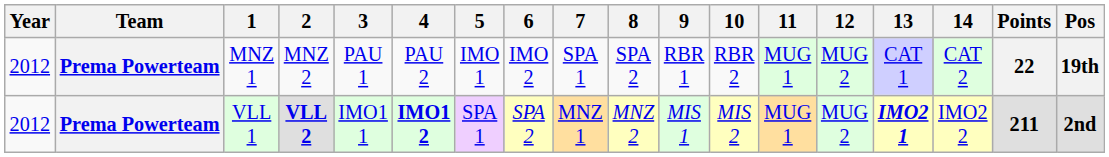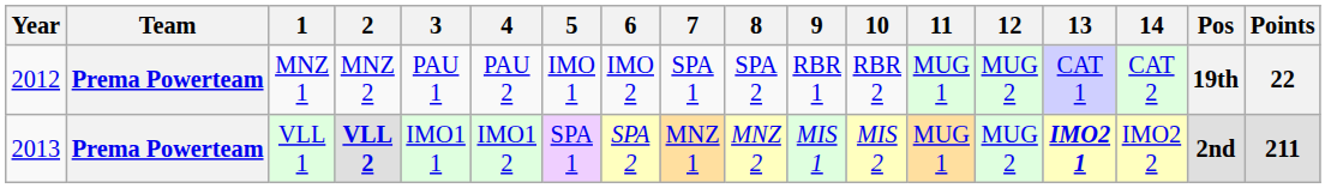 <table class="wikitable" style="text-align:center; font-size:85%">
 <tr>
 <th>Year</th>
 <th>Team</th>
 <th>1</th>
 <th>2</th>
 <th>3</th>
 <th>4</th>
 <th>5</th>
 <th>6</th>
 <th>7</th>
 <th>8</th>
 <th>9</th>
 <th>10</th>
 <th>11</th>
 <th>12</th>
 <th>13</th>
 <th>14</th>
+<th>Pos</th>
 <th>Points</th>
-<th>Pos</th>
 </tr>
 <tr>
 <td><a href='#'>2012</a></td>
 <th nowrap><a href='#'>Prema Powerteam</a></th>
 <td style="background:#;"><a href='#'>MNZ<br>1</a><br></td>
 <td style="background:#;"><a href='#'>MNZ<br>2</a><br></td>
 <td style="background:#;"><a href='#'>PAU<br>1</a><br></td>
 <td style="background:#;"><a href='#'>PAU<br>2</a><br></td>
 <td style="background:#;"><a href='#'>IMO<br>1</a><br></td>
 <td style="background:#;"><a href='#'>IMO<br>2</a><br></td>
 <td style="background:#;"><a href='#'>SPA<br>1</a><br></td>
 <td style="background:#;"><a href='#'>SPA<br>2</a><br></td>
 <td style="background:#;"><a href='#'>RBR<br>1</a><br></td>
 <td style="background:#;"><a href='#'>RBR<br>2</a><br></td>
 <td style="background:#DFFFDF;"><a href='#'>MUG<br>1</a><br></td>
 <td style="background:#DFFFDF;"><a href='#'>MUG<br>2</a><br></td>
 <td style="background:#CFCFFF;"><a href='#'>CAT<br>1</a><br></td>
 <td style="background:#DFFFDF;"><a href='#'>CAT<br>2</a><br></td>
+<th>19th</th>
 <th>22</th>
-<th>19th</th>
 </tr>
 <tr>
-<td><a href='#'>2012</a></td>
+<td><a href='#'>2013</a></td>
 <th nowrap><a href='#'>Prema Powerteam</a></th>
 <td style="background:#DFFFDF;"><a href='#'>VLL<br>1</a><br></td>
 <td style="background:#DFDFDF;"><strong><a href='#'>VLL<br>2</a><br></strong></td>
 <td style="background:#DFFFDF;"><a href='#'>IMO1<br>1</a><br></td>
-<td style="background:#DFFFDF;"><strong><a href='#'>IMO1<br>2</a><br></strong></td>
+<td style="background:#DFFFDF;"><a href='#'>IMO1<br>2</a><br></td>
 <td style="background:#EFCFFF;"><a href='#'>SPA<br>1</a><br></td>
 <td style="background:#FFFFBF;"><em><a href='#'>SPA<br>2</a></em><br></td>
 <td style="background:#FFDF9F;"><a href='#'>MNZ<br>1</a><br></td>
 <td style="background:#FFFFBF;"><em><a href='#'>MNZ<br>2</a></em><br></td>
 <td style="background:#DFFFDF;"><em><a href='#'>MIS<br>1</a></em><br></td>
 <td style="background:#FFFFBF;"><em><a href='#'>MIS<br>2</a></em><br></td>
 <td style="background:#FFDF9F;"><a href='#'>MUG<br>1</a><br></td>
 <td style="background:#DFFFDF;"><a href='#'>MUG<br>2</a><br></td>
 <td style="background:#FFFFBF;"><strong><em><a href='#'>IMO2<br>1</a></em></strong><br></td>
 <td style="background:#FFFFBF;"><a href='#'>IMO2<br>2</a><br></td>
+<th style="background:#DFDFDF">2nd</th>
 <th style="background:#DFDFDF">211</th>
-<th style="background:#DFDFDF">2nd</th>
 </tr>
 </table>
